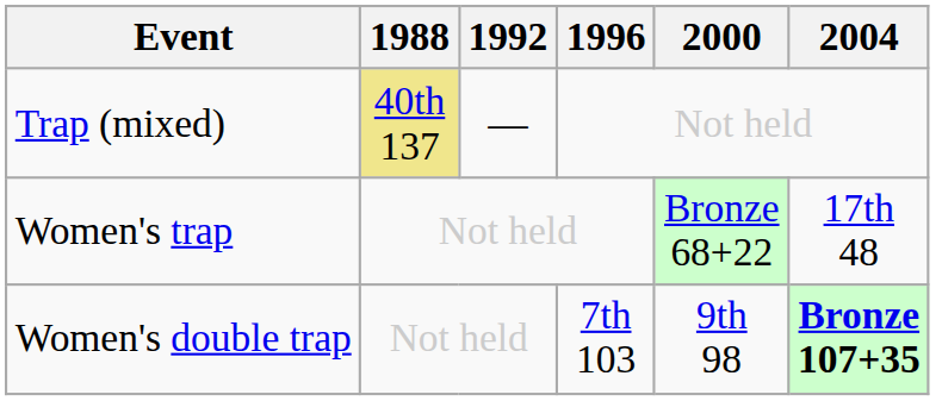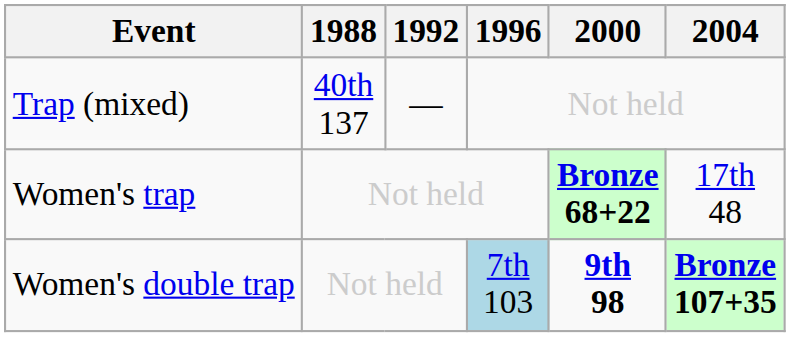 <table class="wikitable" style="text-align: center">
 <tr>
 <th>Event</th>
 <th>1988</th>
 <th>1992</th>
 <th>1996</th>
 <th>2000</th>
 <th>2004</th>
 </tr>
 <tr>
 <td align="left"><a href='#'>Trap</a> (mixed)</td>
-<td style="background: khaki;"><a href='#'>40th</a><br>137</td>
+<td><a href='#'>40th</a><br>137</td>
 <td>—</td>
 <td colspan=3 style="color: #cccccc;">Not held</td>
 </tr>
 <tr>
 <td align="left">Women's <a href='#'>trap</a></td>
 <td colspan=3 style="color: #cccccc;">Not held</td>
-<td style="background: #ccffcc;"> <a href='#'>Bronze</a><br>68+22</td>
+<td style="background: #ccffcc;"><strong> <a href='#'>Bronze</a><br>68+22</strong></td>
 <td><a href='#'>17th</a><br>48</td>
 </tr>
 <tr>
 <td align="left">Women's <a href='#'>double trap</a></td>
 <td colspan=2 style="color: #cccccc;">Not held</td>
-<td><a href='#'>7th</a><br>103</td>
-<td><a href='#'>9th</a><br>98</td>
+<td style="background: lightblue;"><a href='#'>7th</a><br>103</td>
+<td><strong><a href='#'>9th</a><br>98</strong></td>
 <td style="background: #ccffcc;"><strong> <a href='#'>Bronze</a><br>107+35</strong></td>
 </tr>
 </table>
